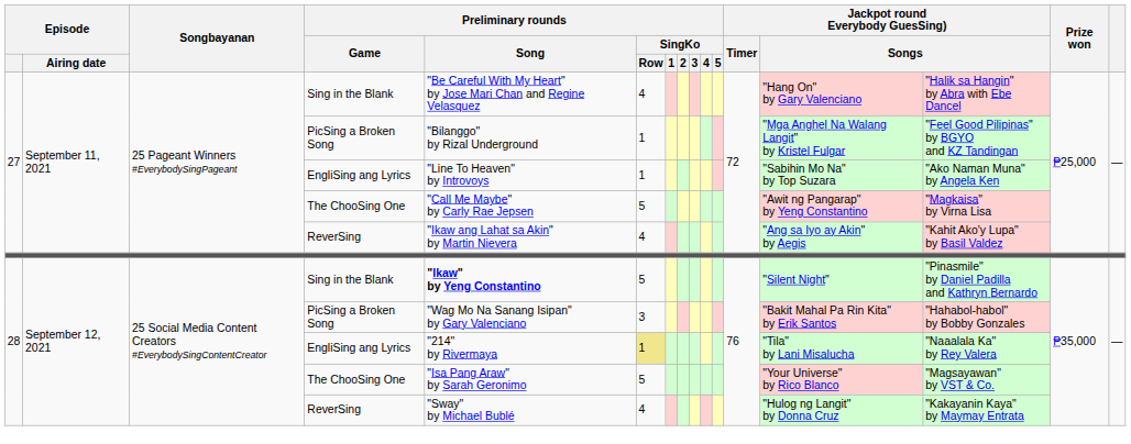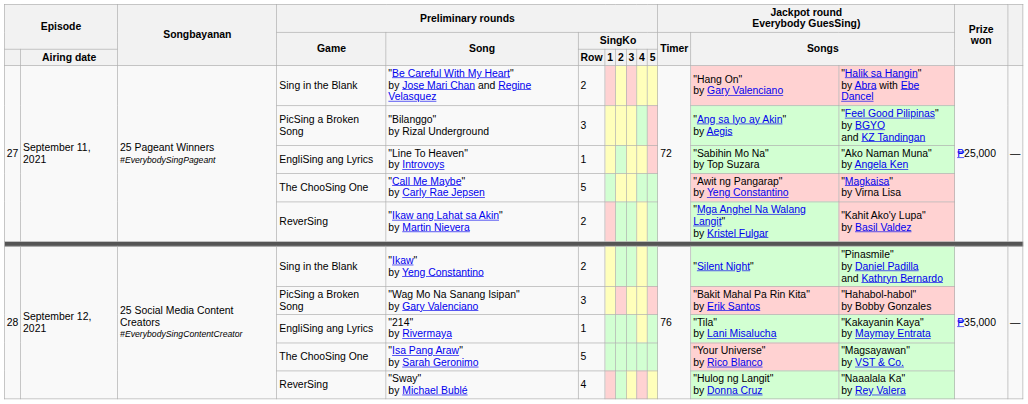 <table class="wikitable plainrowheaders mw-collapsible ">
 <tr>
 <th colspan="2" rowspan="2">Episode</th>
 <th rowspan="3">Songbayanan</th>
 <th colspan="8">Preliminary rounds</th>
 <th colspan="3">Jackpot round<br>Everybody GuesSing)</th>
 <th rowspan="3">Prize won</th>
 <th rowspan="3"></th>
 </tr>
 <tr>
 <th rowspan="2">Game</th>
 <th rowspan="2">Song</th>
 <th colspan="6">SingKo</th>
 <th rowspan="2">Timer</th>
 <th colspan="2" rowspan="2">Songs</th>
 </tr>
 <tr>
 <th></th>
 <th>Airing date</th>
 <th>Row</th>
 <th>1</th>
 <th>2</th>
 <th>3</th>
 <th>4</th>
 <th>5</th>
 </tr>
 <tr>
 <td rowspan="5">27</td>
 <td rowspan="5">September 11, 2021</td>
 <td rowspan="5">25 Pageant Winners<br><small><em>#EverybodySingPageant</em></small></td>
 <td>Sing in the Blank</td>
 <td>"<a href='#'>Be Careful With My Heart</a>"<br>by <a href='#'>Jose Mari Chan</a> and <a href='#'>Regine Velasquez</a></td>
-<td>4</td>
+<td>2</td>
 <td style="background:#FFD2D2"></td>
 <td style="background:#FFB"></td>
 <td style="background:#FFD2D2"></td>
 <td style="background:#FFB"></td>
 <td style="background:#FFB"></td>
 <td rowspan="5">72 </td>
 <td style="background:#FFD2D2">"Hang On"<br>by <a href='#'>Gary Valenciano</a></td>
 <td style="background:#FFD2D2">"<a href='#'>Halik sa Hangin</a>"<br>by <a href='#'>Abra</a> with <a href='#'>Ebe Dancel</a></td>
 <td rowspan="5"><a href='#'>₱</a>25,000</td>
 <td rowspan="5">—</td>
 </tr>
 <tr>
 <td>PicSing a Broken Song</td>
 <td>"Bilanggo"<br>by Rizal Underground</td>
-<td>1</td>
+<td>3</td>
 <td style="background:#FFB"></td>
 <td style="background:#FFB"></td>
 <td style="background:#FFB"></td>
 <td style="background:#D2FFD2"></td>
 <td style="background:#FFD2D2"></td>
-<td style="background:#D2FFD2">"<a href='#'>Mga Anghel Na Walang Langit</a>"<br>by <a href='#'>Kristel Fulgar</a></td>
+<td style="background:#D2FFD2">"<a href='#'>Ang sa Iyo ay Akin</a>"<br>by <a href='#'>Aegis</a></td>
 <td style="background:#D2FFD2">"<a href='#'>Feel Good Pilipinas</a>"<br>by <a href='#'>BGYO</a> <br>and <a href='#'>KZ Tandingan</a></td>
 </tr>
 <tr>
 <td>EngliSing ang Lyrics</td>
 <td>"Line To Heaven"<br>by <a href='#'>Introvoys</a></td>
 <td>1</td>
 <td style="background:#FFB"></td>
 <td style="background:#D2FFD2"></td>
 <td style="background:#FFB"></td>
 <td style="background:#FFB"></td>
 <td style="background:#FFD2D2"></td>
 <td style="background:#D2FFD2">"Sabihin Mo Na"<br>by Top Suzara</td>
 <td style="background:#D2FFD2">"Ako Naman Muna"<br>by <a href='#'>Angela Ken</a></td>
 </tr>
 <tr>
 <td>The ChooSing One</td>
 <td>"<a href='#'>Call Me Maybe</a>"<br>by <a href='#'>Carly Rae Jepsen</a></td>
 <td>5</td>
 <td style="background:#D2FFD2"></td>
 <td style="background:#FFB"></td>
 <td style="background:#FFB"></td>
 <td style="background:#D2FFD2"></td>
 <td style="background:#D2FFD2"></td>
 <td style="background:#FFD2D2">"Awit ng Pangarap"<br>by <a href='#'>Yeng Constantino</a></td>
 <td style="background:#FFD2D2">"<a href='#'>Magkaisa</a>"<br>by Virna Lisa</td>
 </tr>
 <tr>
 <td>ReverSing</td>
 <td>"<a href='#'>Ikaw ang Lahat sa Akin</a>"<br>by <a href='#'>Martin Nievera</a></td>
-<td>4</td>
+<td>2</td>
 <td style="background:#FFD2D2"></td>
 <td style="background: #D2FFD2"></td>
 <td style="background:#D2FFD2"></td>
 <td style="background:#FFB"></td>
 <td style="background:#D2FFD2"></td>
-<td style="background:#D2FFD2">"<a href='#'>Ang sa Iyo ay Akin</a>"<br>by <a href='#'>Aegis</a></td>
+<td style="background:#D2FFD2">"<a href='#'>Mga Anghel Na Walang Langit</a>"<br>by <a href='#'>Kristel Fulgar</a></td>
 <td style="background:#FFD2D2">"Kahit Ako'y Lupa"<br>by <a href='#'>Basil Valdez</a></td>
 </tr>
 <tr>
 <th colspan="16" style="background:#555"></th>
 </tr>
 <tr>
 <td rowspan="5">28</td>
 <td rowspan="5">September 12, 2021</td>
 <td rowspan="5">25 Social Media Content Creators<br><small><em>#EverybodySingContentCreator</em></small></td>
 <td>Sing in the Blank</td>
-<td><strong>"<a href='#'>Ikaw</a>"<br>by <a href='#'>Yeng Constantino</a></strong></td>
-<td>5</td>
+<td>"<a href='#'>Ikaw</a>"<br>by <a href='#'>Yeng Constantino</a></td>
+<td>2</td>
 <td style="background:#FFB"></td>
 <td style="background:#D2FFD2"></td>
 <td style="background:#D2FFD2"></td>
 <td style="background:#FFB"></td>
 <td style="background:#D2FFD2"></td>
 <td rowspan="5">76 </td>
 <td style="background:#D2FFD2">"<a href='#'>Silent Night</a>"</td>
 <td style="background:#D2FFD2">"Pinasmile"<br>by <a href='#'>Daniel Padilla</a> <br>and <a href='#'>Kathryn Bernardo</a></td>
 <td rowspan="5"><a href='#'>₱</a>35,000</td>
 <td rowspan="5">—</td>
 </tr>
 <tr>
 <td>PicSing a Broken Song</td>
 <td>"Wag Mo Na Sanang Isipan"<br>by <a href='#'>Gary Valenciano</a></td>
 <td>3</td>
 <td style="background:#FFB"></td>
 <td style="background:#FFD2D2"></td>
 <td style="background:#FFB"></td>
 <td style="background:#FFB"></td>
 <td style="background:#FFD2D2"></td>
 <td style="background:#FFD2D2">"Bakit Mahal Pa Rin Kita"<br>by <a href='#'>Erik Santos</a></td>
 <td style="background:#FFD2D2">"Hahabol-habol"<br>by Bobby Gonzales</td>
 </tr>
 <tr>
 <td>EngliSing ang Lyrics</td>
 <td>"214"<br>by <a href='#'>Rivermaya</a></td>
-<td style="background: khaki;">1</td>
+<td>1</td>
 <td style="background:#D2FFD2"></td>
 <td style="background:#D2FFD2"></td>
 <td style="background:#D2FFD2"></td>
 <td style="background:#FFB"></td>
 <td style="background:#D2FFD2"></td>
 <td style="background:#D2FFD2">"Tila"<br>by <a href='#'>Lani Misalucha</a></td>
-<td style="background:#D2FFD2">"Naaalala Ka"<br>by <a href='#'>Rey Valera</a></td>
+<td style="background:#D2FFD2">"Kakayanin Kaya"<br>by <a href='#'>Maymay Entrata</a></td>
 </tr>
 <tr>
 <td>The ChooSing One</td>
 <td>"<a href='#'>Isa Pang Araw</a>"<br>by <a href='#'>Sarah Geronimo</a></td>
 <td>5</td>
 <td style="background:#D2FFD2"></td>
 <td style="background:#D2FFD2"></td>
 <td style="background:#D2FFD2"></td>
 <td style="background:#D2FFD2"></td>
 <td style="background:#D2FFD2"></td>
 <td style="background:#FFD2D2">"Your Universe"<br>by <a href='#'>Rico Blanco</a></td>
 <td style="background:#D2FFD2">"Magsayawan"<br>by <a href='#'>VST & Co.</a></td>
 </tr>
 <tr>
 <td>ReverSing</td>
 <td>"Sway"<br>by <a href='#'>Michael Bublé</a></td>
 <td>4</td>
 <td style="background:#FFD2D2"></td>
 <td style="background:#D2FFD2"></td>
 <td style="background:#FFB"></td>
 <td style="background:#FFD2D2"></td>
 <td style="background:#FFB"></td>
 <td style="background:#D2FFD2">"Hulog ng Langit"<br>by <a href='#'>Donna Cruz</a></td>
-<td style="background:#D2FFD2">"Kakayanin Kaya"<br>by <a href='#'>Maymay Entrata</a></td>
+<td style="background:#D2FFD2">"Naaalala Ka"<br>by <a href='#'>Rey Valera</a></td>
 </tr>
 </table>
